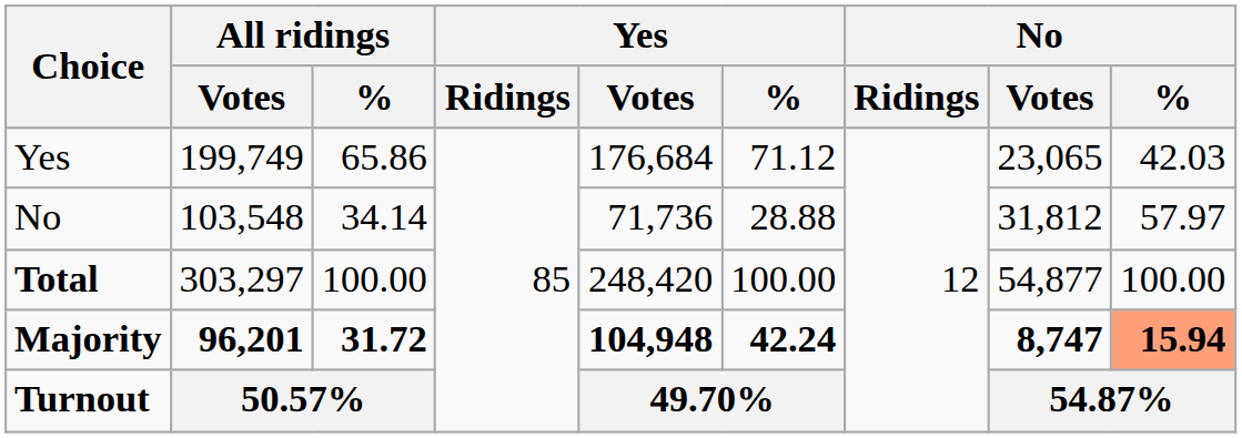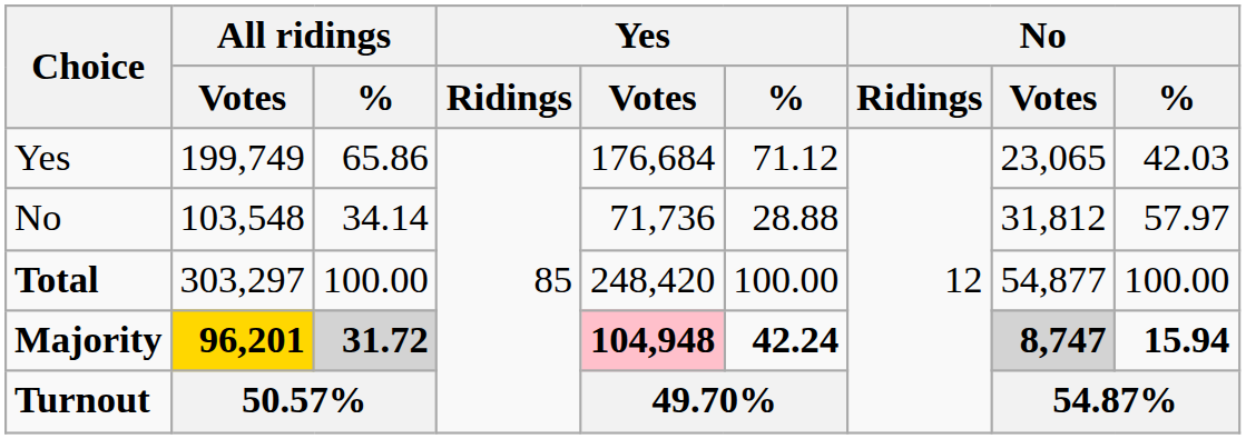 <table class="wikitable" style="text-align:right;">
 <tr>
 <th rowspan="2">Choice</th>
 <th colspan="2">All ridings</th>
 <th colspan="3">Yes</th>
 <th colspan="3">No</th>
 </tr>
 <tr>
 <th>Votes</th>
 <th>%</th>
 <th>Ridings</th>
 <th>Votes</th>
 <th>%</th>
 <th>Ridings</th>
 <th>Votes</th>
 <th>%</th>
 </tr>
 <tr>
 <td style="text-align:left;">Yes</td>
 <td>199,749</td>
 <td>65.86</td>
 <td rowspan="5">85</td>
 <td>176,684</td>
 <td>71.12</td>
 <td rowspan="5">12</td>
 <td>23,065</td>
 <td>42.03</td>
 </tr>
 <tr>
 <td style="text-align:left;">No</td>
 <td>103,548</td>
 <td>34.14</td>
 <td>71,736</td>
 <td>28.88</td>
 <td>31,812</td>
 <td>57.97</td>
 </tr>
 <tr>
 <td style="text-align:left;"><strong>Total</strong></td>
 <td>303,297</td>
 <td>100.00</td>
 <td>248,420</td>
 <td>100.00</td>
 <td>54,877</td>
 <td>100.00</td>
 </tr>
 <tr>
 <td style="text-align:left;"><strong>Majority</strong></td>
-<td><strong>96,201</strong></td>
-<td><strong>31.72</strong></td>
-<td><strong>104,948</strong></td>
+<td style="background: gold;"><strong>96,201</strong></td>
+<td style="background: lightgrey;"><strong>31.72</strong></td>
+<td style="background: pink;"><strong>104,948</strong></td>
 <td><strong>42.24</strong></td>
-<td><strong>8,747</strong></td>
-<td style="background: lightsalmon;"><strong>15.94</strong></td>
+<td style="background: lightgrey;"><strong>8,747</strong></td>
+<td><strong>15.94</strong></td>
 </tr>
 <tr>
 <td style="text-align:left;"><strong>Turnout</strong></td>
 <th colspan="2">50.57%</th>
 <th colspan="2">49.70%</th>
 <th colspan="2">54.87%</th>
 </tr>
 </table>
